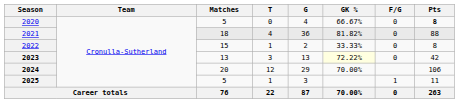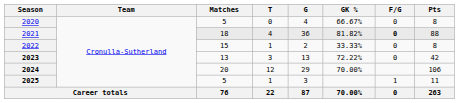 <table class="wikitable sortable"  style="font-size:90%; text-align:center; width:85%;">
 <tr>
 <th width=2%>Season</th>
 <th width=8%>Team</th>
 <th width=2%>Matches</th>
 <th width=2%>T</th>
 <th width=2%>G</th>
 <th width=2%>GK %</th>
 <th width=2%>F/G</th>
 <th width=2%>Pts</th>
 </tr>
 <tr>
 <th scope="row" style="text-align:center; font-weight:normal"><a href='#'>2020</a></th>
 <td rowspan="6" style="text-align:center;"> <a href='#'>Cronulla-Sutherland</a></td>
 <td>5</td>
 <td>0</td>
 <td>4</td>
 <td>66.67%</td>
 <td>0</td>
-<td><strong>8</strong></td>
+<td>8</td>
 </tr>
 <tr style="background:#eaeaea;">
 <th scope="row" style="text-align:center; font-weight:normal"><a href='#'>2021</a></th>
 <td>18</td>
 <td>4</td>
 <td>36</td>
 <td>81.82%</td>
-<td>0</td>
+<td><strong>0</strong></td>
 <td>88</td>
 </tr>
 <tr>
 <th scope="row" style="text-align:center; font-weight:normal"><a href='#'>2022</a></th>
 <td>15</td>
 <td>1</td>
 <td>2</td>
 <td>33.33%</td>
 <td>0</td>
 <td>8</td>
 </tr>
 <tr>
 <th>2023</th>
 <td>13</td>
 <td>3</td>
 <td>13</td>
-<td style="background: lightyellow;">72.22%</td>
+<td>72.22%</td>
 <td>0</td>
 <td>42</td>
 </tr>
 <tr>
 <th>2024</th>
 <td>20</td>
 <td>12</td>
 <td>29</td>
 <td>70.00%</td>
 <td></td>
 <td>106</td>
 </tr>
 <tr>
 <th>2025</th>
 <td>5</td>
 <td>1</td>
 <td>3</td>
 <td></td>
 <td>1</td>
 <td>11</td>
 </tr>
 <tr class="sortbottom">
 <th colspan="2">Career totals</th>
 <th>76</th>
 <th>22</th>
 <th>87</th>
 <th>70.00%</th>
 <th>0</th>
 <th>263</th>
 </tr>
 </table>
